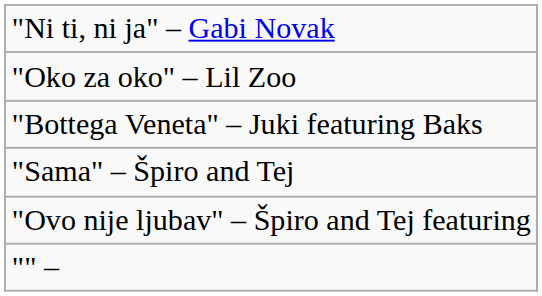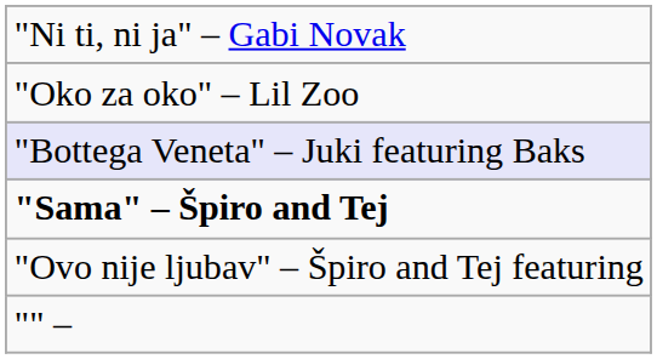 <table class="wikitable mw-collapsible mw-collapsed">
 <tr>
 <td>"Ni ti, ni ja" – <a href='#'>Gabi Novak</a></td>
 </tr>
 <tr>
 <td>"Oko za oko" – Lil Zoo</td>
 </tr>
 <tr>
-<td>"Bottega Veneta" – Juki featuring Baks</td>
+<td style="background: lavender;">"Bottega Veneta" – Juki featuring Baks</td>
 </tr>
 <tr>
-<td>"Sama" – Špiro and Tej</td>
+<td><strong>"Sama" – Špiro and Tej</strong></td>
 </tr>
 <tr>
 <td>"Ovo nije ljubav" – Špiro and Tej featuring </td>
 </tr>
 <tr>
 <td>"" – </td>
 </tr>
 </table>
